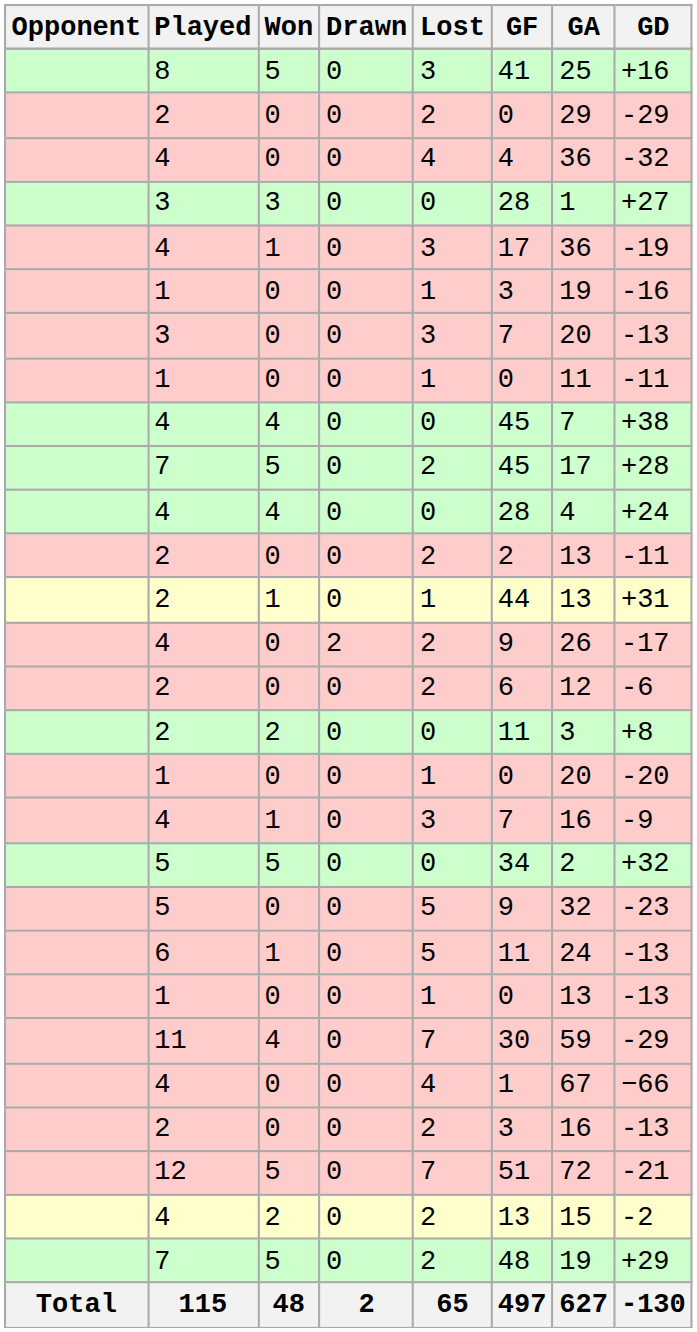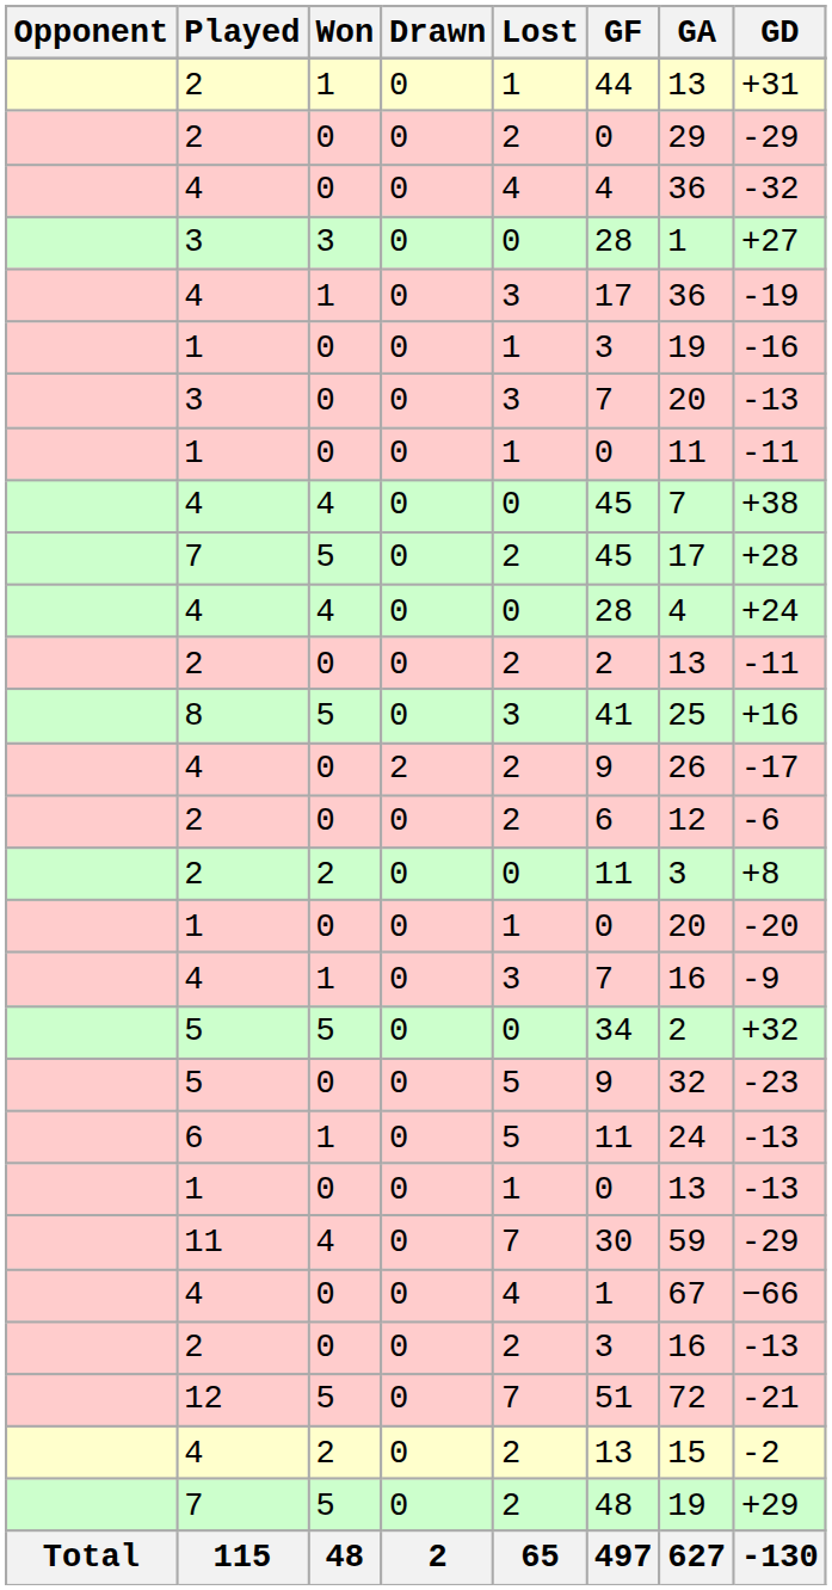 <table class="sortable wikitable">
 <tr>
 <th>Opponent</th>
 <th>Played</th>
 <th>Won</th>
 <th>Drawn</th>
 <th>Lost</th>
 <th>GF</th>
 <th>GA</th>
 <th>GD</th>
 </tr>
 <tr bgcolor="#d0ffd0" align="center">
 </tr>
-<tr bgcolor=#CCFFCC>
+<tr bgcolor=#FFFFCC>
 <td></td>
-<td>8</td>
-<td>5</td>
+<td>2</td>
+<td>1</td>
 <td>0</td>
-<td>3</td>
-<td>41</td>
-<td>25</td>
-<td>+16</td>
+<td>1</td>
+<td>44</td>
+<td>13</td>
+<td>+31</td>
 </tr>
 <tr bgcolor=#FFCCCC>
 <td></td>
 <td>2</td>
 <td>0</td>
 <td>0</td>
 <td>2</td>
 <td>0</td>
 <td>29</td>
 <td>-29</td>
 </tr>
 <tr bgcolor=#FFCCCC>
 <td></td>
 <td>4</td>
 <td>0</td>
 <td>0</td>
 <td>4</td>
 <td>4</td>
 <td>36</td>
 <td>-32</td>
 </tr>
 <tr bgcolor=#CCFFCC>
 <td></td>
 <td>3</td>
 <td>3</td>
 <td>0</td>
 <td>0</td>
 <td>28</td>
 <td>1</td>
 <td>+27</td>
 </tr>
 <tr bgcolor=#FFCCCC>
 <td></td>
 <td>4</td>
 <td>1</td>
 <td>0</td>
 <td>3</td>
 <td>17</td>
 <td>36</td>
 <td>-19</td>
 </tr>
 <tr bgcolor=#FFCCCC>
 <td></td>
 <td>1</td>
 <td>0</td>
 <td>0</td>
 <td>1</td>
 <td>3</td>
 <td>19</td>
 <td>-16</td>
 </tr>
 <tr bgcolor=#FFCCCC>
 <td></td>
 <td>3</td>
 <td>0</td>
 <td>0</td>
 <td>3</td>
 <td>7</td>
 <td>20</td>
 <td>-13</td>
 </tr>
 <tr bgcolor=#FFCCCC>
 <td></td>
 <td>1</td>
 <td>0</td>
 <td>0</td>
 <td>1</td>
 <td>0</td>
 <td>11</td>
 <td>-11</td>
 </tr>
 <tr bgcolor=#CCFFCC>
 <td></td>
 <td>4</td>
 <td>4</td>
 <td>0</td>
 <td>0</td>
 <td>45</td>
 <td>7</td>
 <td>+38</td>
 </tr>
 <tr bgcolor=#CCFFCC>
 <td></td>
 <td>7</td>
 <td>5</td>
 <td>0</td>
 <td>2</td>
 <td>45</td>
 <td>17</td>
 <td>+28</td>
 </tr>
 <tr bgcolor=#CCFFCC>
 <td></td>
 <td>4</td>
 <td>4</td>
 <td>0</td>
 <td>0</td>
 <td>28</td>
 <td>4</td>
 <td>+24</td>
 </tr>
 <tr bgcolor=#FFCCCC>
 <td></td>
 <td>2</td>
 <td>0</td>
 <td>0</td>
 <td>2</td>
 <td>2</td>
 <td>13</td>
 <td>-11</td>
 </tr>
-<tr bgcolor=#FFFFCC>
+<tr bgcolor=#CCFFCC>
 <td></td>
-<td>2</td>
-<td>1</td>
+<td>8</td>
+<td>5</td>
 <td>0</td>
-<td>1</td>
-<td>44</td>
-<td>13</td>
-<td>+31</td>
+<td>3</td>
+<td>41</td>
+<td>25</td>
+<td>+16</td>
 </tr>
 <tr bgcolor=#FFCCCC>
 <td></td>
 <td>4</td>
 <td>0</td>
 <td>2</td>
 <td>2</td>
 <td>9</td>
 <td>26</td>
 <td>-17</td>
 </tr>
 <tr bgcolor=#FFCCCC>
 <td></td>
 <td>2</td>
 <td>0</td>
 <td>0</td>
 <td>2</td>
 <td>6</td>
 <td>12</td>
 <td>-6</td>
 </tr>
 <tr bgcolor=#CCFFCC>
 <td></td>
 <td>2</td>
 <td>2</td>
 <td>0</td>
 <td>0</td>
 <td>11</td>
 <td>3</td>
 <td>+8</td>
 </tr>
 <tr bgcolor=#FFCCCC>
 <td></td>
 <td>1</td>
 <td>0</td>
 <td>0</td>
 <td>1</td>
 <td>0</td>
 <td>20</td>
 <td>-20</td>
 </tr>
 <tr bgcolor=#FFCCCC>
 <td></td>
 <td>4</td>
 <td>1</td>
 <td>0</td>
 <td>3</td>
 <td>7</td>
 <td>16</td>
 <td>-9</td>
 </tr>
 <tr bgcolor=#CCFFCC>
 <td></td>
 <td>5</td>
 <td>5</td>
 <td>0</td>
 <td>0</td>
 <td>34</td>
 <td>2</td>
 <td>+32</td>
 </tr>
 <tr bgcolor=#FFCCCC>
 <td></td>
 <td>5</td>
 <td>0</td>
 <td>0</td>
 <td>5</td>
 <td>9</td>
 <td>32</td>
 <td>-23</td>
 </tr>
 <tr bgcolor=#FFCCCC>
 <td></td>
 <td>6</td>
 <td>1</td>
 <td>0</td>
 <td>5</td>
 <td>11</td>
 <td>24</td>
 <td>-13</td>
 </tr>
 <tr bgcolor=#FFCCCC>
 <td><em></em></td>
 <td>1</td>
 <td>0</td>
 <td>0</td>
 <td>1</td>
 <td>0</td>
 <td>13</td>
 <td>-13</td>
 </tr>
 <tr bgcolor=#FFCCCC>
 <td></td>
 <td>11</td>
 <td>4</td>
 <td>0</td>
 <td>7</td>
 <td>30</td>
 <td>59</td>
 <td>-29</td>
 </tr>
 <tr bgcolor=#FFCCCC>
 <td></td>
 <td>4</td>
 <td>0</td>
 <td>0</td>
 <td>4</td>
 <td>1</td>
 <td>67</td>
 <td>−66</td>
 </tr>
 <tr bgcolor=#FFCCCC>
 <td></td>
 <td>2</td>
 <td>0</td>
 <td>0</td>
 <td>2</td>
 <td>3</td>
 <td>16</td>
 <td>-13</td>
 </tr>
 <tr bgcolor=#FFCCCC>
 <td></td>
 <td>12</td>
 <td>5</td>
 <td>0</td>
 <td>7</td>
 <td>51</td>
 <td>72</td>
 <td>-21</td>
 </tr>
 <tr bgcolor=#FFFFCC>
 <td></td>
 <td>4</td>
 <td>2</td>
 <td>0</td>
 <td>2</td>
 <td>13</td>
 <td>15</td>
 <td>-2</td>
 </tr>
 <tr bgcolor=#CCFFCC>
 <td></td>
 <td>7</td>
 <td>5</td>
 <td>0</td>
 <td>2</td>
 <td>48</td>
 <td>19</td>
 <td>+29</td>
 </tr>
 <tr>
 <th>Total</th>
 <th>115</th>
 <th>48</th>
 <th>2</th>
 <th>65</th>
 <th>497</th>
 <th>627</th>
 <th>-130</th>
 </tr>
 </table>
